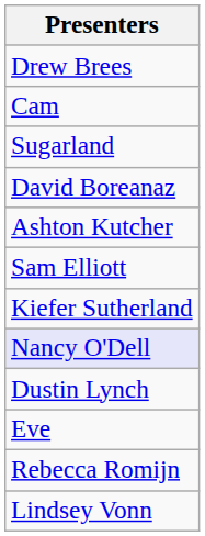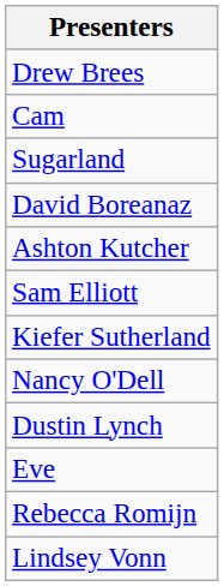 <table class="wikitable">
 <tr>
 <th>Presenters</th>
 </tr>
 <tr>
 <td><a href='#'>Drew Brees</a></td>
 </tr>
 <tr>
 <td><a href='#'>Cam</a></td>
 </tr>
 <tr>
 <td><a href='#'>Sugarland</a></td>
 </tr>
 <tr>
 <td><a href='#'>David Boreanaz</a></td>
 </tr>
 <tr>
 <td><a href='#'>Ashton Kutcher</a></td>
 </tr>
 <tr>
 <td><a href='#'>Sam Elliott</a></td>
 </tr>
 <tr>
 <td><a href='#'>Kiefer Sutherland</a></td>
 </tr>
 <tr>
-<td style="background: lavender;"><a href='#'>Nancy O'Dell</a></td>
+<td><a href='#'>Nancy O'Dell</a></td>
 </tr>
 <tr>
 <td><a href='#'>Dustin Lynch</a></td>
 </tr>
 <tr>
 <td><a href='#'>Eve</a></td>
 </tr>
 <tr>
 <td><a href='#'>Rebecca Romijn</a></td>
 </tr>
 <tr>
 <td><a href='#'>Lindsey Vonn</a></td>
 </tr>
 </table>
